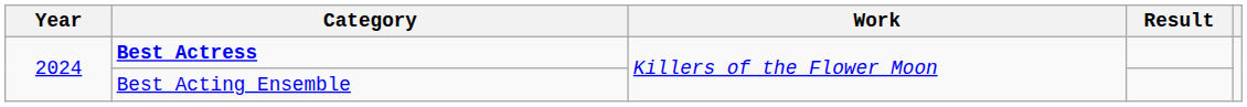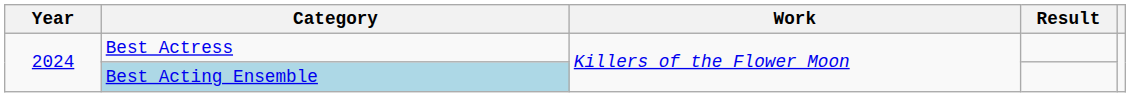 <table class="wikitable">
 <tr>
 <th scope="col" style="width:5em;">Year</th>
 <th scope="col" style="width:26em;">Category</th>
 <th scope="col" style="width:25em;">Work</th>
 <th scope="col" style="width:5em;">Result</th>
 <th></th>
 </tr>
 <tr>
 <td rowspan="2" style="text-align:center;"><a href='#'>2024</a></td>
-<td><strong><a href='#'>Best Actress</a></strong></td>
+<td><a href='#'>Best Actress</a></td>
 <td rowspan="2"><em><a href='#'>Killers of the Flower Moon</a></em></td>
 <td></td>
 <td rowspan="2" align="center"></td>
 </tr>
 <tr>
-<td><a href='#'>Best Acting Ensemble</a></td>
+<td style="background: lightblue;"><a href='#'>Best Acting Ensemble</a></td>
 <td></td>
 </tr>
 </table>
